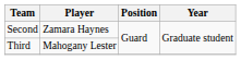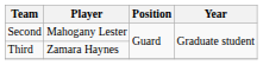 <table class="wikitable" border="1">
 <tr align=center>
 <th>Team</th>
 <th>Player</th>
 <th>Position</th>
 <th>Year</th>
 </tr>
 <tr>
 <td>Second</td>
-<td>Zamara Haynes</td>
+<td>Mahogany Lester</td>
 <td rowspan=2>Guard</td>
 <td rowspan=2>Graduate student</td>
 </tr>
 <tr>
 <td>Third</td>
-<td>Mahogany Lester</td>
+<td>Zamara Haynes</td>
 </tr>
 <tr>
 </tr>
 </table>
